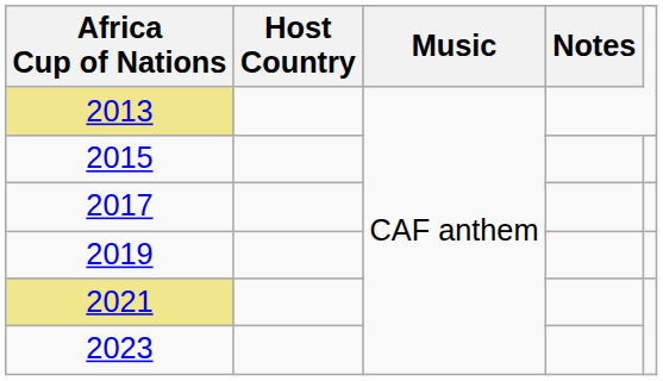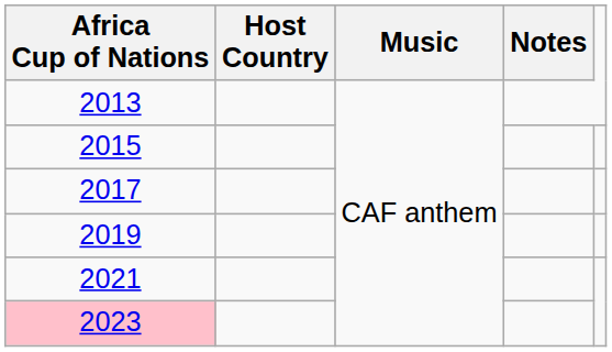 <table class="wikitable sortable" style="text-align:left">
 <tr>
 <th><strong>Africa<br>Cup of Nations </strong></th>
 <th><strong>Host <br>Country</strong></th>
 <th><strong>Music</strong></th>
 <th><strong>Notes</strong></th>
 </tr>
 <tr>
-<td style="background: khaki; text-align:center;"><a href='#'>2013</a></td>
+<td style="text-align:center;"><a href='#'>2013</a></td>
 <td></td>
 <td rowspan=6>CAF anthem</td>
 </tr>
 <tr>
 <td style="text-align:center;"><a href='#'>2015</a></td>
 <td></td>
 <td></td>
 <td></td>
 </tr>
 <tr>
 <td style="text-align:center;"><a href='#'>2017</a></td>
 <td></td>
 <td></td>
 <td></td>
 </tr>
 <tr>
 <td style="text-align:center;"><a href='#'>2019</a></td>
 <td></td>
 <td></td>
 <td></td>
 </tr>
 <tr>
-<td style="background: khaki; text-align:center;"><a href='#'>2021</a></td>
+<td style="text-align:center;"><a href='#'>2021</a></td>
 <td></td>
 <td></td>
 </tr>
 <tr>
-<td style="text-align:center;"><a href='#'>2023</a></td>
+<td style="background: pink; text-align:center;"><a href='#'>2023</a></td>
 <td></td>
 <td></td>
 </tr>
 </table>
